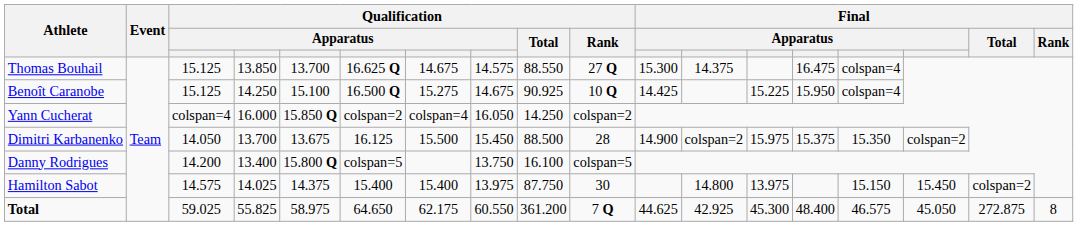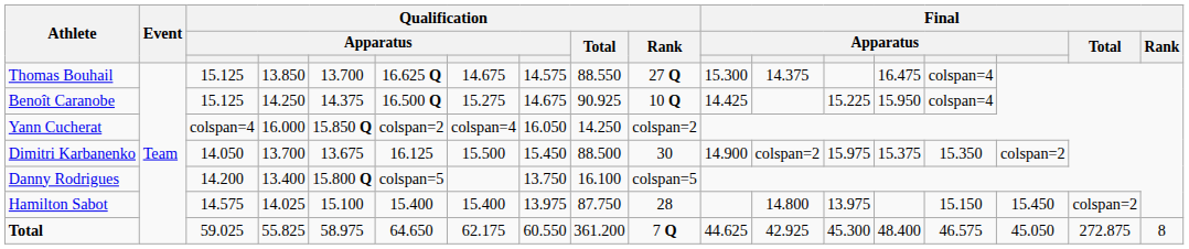 <table class="wikitable" style="font-size:90%">
 <tr>
 <th rowspan=3>Athlete</th>
 <th rowspan=3>Event</th>
 <th colspan =8>Qualification</th>
 <th colspan =8>Final</th>
 </tr>
 <tr style="font-size:95%">
 <th colspan=6>Apparatus</th>
 <th rowspan=2>Total</th>
 <th rowspan=2>Rank</th>
 <th colspan=6>Apparatus</th>
 <th rowspan=2>Total</th>
 <th rowspan=2>Rank</th>
 </tr>
 <tr style="font-size:95%">
 <th></th>
 <th></th>
 <th></th>
 <th></th>
 <th></th>
 <th></th>
 <th></th>
 <th></th>
 <th></th>
 <th></th>
 <th></th>
 <th></th>
 </tr>
 <tr align=center>
 <td align=left><a href='#'>Thomas Bouhail</a></td>
 <td rowspan=7 align=left><a href='#'>Team</a></td>
 <td>15.125</td>
 <td>13.850</td>
 <td>13.700</td>
 <td>16.625 <strong>Q</strong></td>
 <td>14.675</td>
 <td>14.575</td>
 <td>88.550</td>
 <td>27 <strong>Q</strong></td>
 <td>15.300</td>
 <td>14.375</td>
 <td></td>
 <td>16.475</td>
 <td>colspan=4 </td>
 </tr>
 <tr align=center>
 <td align=left><a href='#'>Benoît Caranobe</a></td>
 <td>15.125</td>
 <td>14.250</td>
-<td>15.100</td>
+<td>14.375</td>
 <td>16.500 <strong>Q</strong></td>
 <td>15.275</td>
 <td>14.675</td>
 <td>90.925</td>
 <td>10 <strong>Q</strong></td>
 <td>14.425</td>
 <td></td>
 <td>15.225</td>
 <td>15.950</td>
 <td>colspan=4 </td>
 </tr>
 <tr align=center>
 <td align=left><a href='#'>Yann Cucherat</a></td>
 <td>colspan=4 </td>
 <td>16.000</td>
 <td>15.850 <strong>Q</strong></td>
 <td>colspan=2 </td>
 <td>colspan=4 </td>
 <td>16.050</td>
 <td>14.250</td>
 <td>colspan=2 </td>
 </tr>
 <tr align=center>
 <td align=left><a href='#'>Dimitri Karbanenko</a></td>
 <td>14.050</td>
 <td>13.700</td>
 <td>13.675</td>
 <td>16.125</td>
 <td>15.500</td>
 <td>15.450</td>
 <td>88.500</td>
-<td>28</td>
+<td>30</td>
 <td>14.900</td>
 <td>colspan=2 </td>
 <td>15.975</td>
 <td>15.375</td>
 <td>15.350</td>
 <td>colspan=2 </td>
 </tr>
 <tr align=center>
 <td align=left><a href='#'>Danny Rodrigues</a></td>
 <td>14.200</td>
 <td>13.400</td>
 <td>15.800 <strong>Q</strong></td>
 <td>colspan=5 </td>
 <td></td>
 <td>13.750</td>
 <td>16.100</td>
 <td>colspan=5 </td>
 </tr>
 <tr align=center>
 <td align=left><a href='#'>Hamilton Sabot</a></td>
 <td>14.575</td>
 <td>14.025</td>
-<td>14.375</td>
+<td>15.100</td>
 <td>15.400</td>
 <td>15.400</td>
 <td>13.975</td>
 <td>87.750</td>
-<td>30</td>
+<td>28</td>
 <td></td>
 <td>14.800</td>
 <td>13.975</td>
 <td></td>
 <td>15.150</td>
 <td>15.450</td>
 <td>colspan=2 </td>
 </tr>
 <tr align=center>
 <td align=left><strong>Total</strong></td>
 <td>59.025</td>
 <td>55.825</td>
 <td>58.975</td>
 <td>64.650</td>
 <td>62.175</td>
 <td>60.550</td>
 <td>361.200</td>
 <td>7 <strong>Q</strong></td>
 <td>44.625</td>
 <td>42.925</td>
 <td>45.300</td>
 <td>48.400</td>
 <td>46.575</td>
 <td>45.050</td>
 <td>272.875</td>
 <td>8</td>
 </tr>
 </table>
